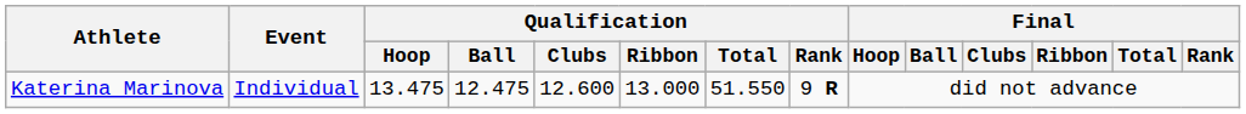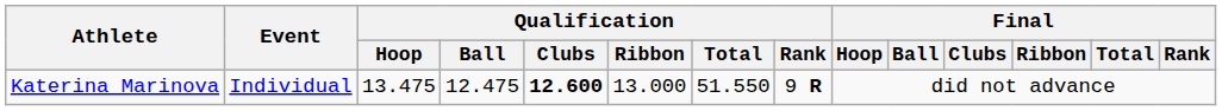 <table class=wikitable style="font-size:90%">
 <tr>
 <th rowspan=2>Athlete</th>
 <th rowspan=2>Event</th>
 <th colspan=6>Qualification</th>
 <th colspan=6>Final</th>
 </tr>
 <tr style="font-size:95%">
 <th>Hoop</th>
 <th>Ball</th>
 <th>Clubs</th>
 <th>Ribbon</th>
 <th>Total</th>
 <th>Rank</th>
 <th>Hoop</th>
 <th>Ball</th>
 <th>Clubs</th>
 <th>Ribbon</th>
 <th>Total</th>
 <th>Rank</th>
 </tr>
 <tr align=center>
 <td align=left><a href='#'>Katerina Marinova</a></td>
 <td align=left><a href='#'>Individual</a></td>
 <td>13.475</td>
 <td>12.475</td>
-<td>12.600</td>
+<td><strong>12.600</strong></td>
 <td>13.000</td>
 <td>51.550</td>
 <td>9 <strong>R</strong></td>
 <td colspan=6>did not advance</td>
 </tr>
 </table>
